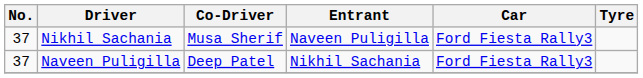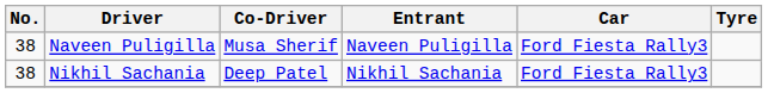 <table class="wikitable" style="font-size: 85%;">
 <tr>
 <th>No.</th>
 <th>Driver</th>
 <th>Co-Driver</th>
 <th>Entrant</th>
 <th>Car</th>
 <th>Tyre</th>
 </tr>
 <tr>
-<td align="center">37</td>
-<td> <a href='#'>Nikhil Sachania</a></td>
+<td align="center">38</td>
+<td> <a href='#'>Naveen Puligilla</a></td>
 <td> <a href='#'>Musa Sherif</a></td>
 <td> <a href='#'>Naveen Puligilla</a></td>
 <td><a href='#'>Ford Fiesta Rally3</a></td>
 <td align="center"></td>
 </tr>
 <tr>
-<td align="center">37</td>
-<td> <a href='#'>Naveen Puligilla</a></td>
+<td align="center">38</td>
+<td> <a href='#'>Nikhil Sachania</a></td>
 <td> <a href='#'>Deep Patel</a></td>
 <td> <a href='#'>Nikhil Sachania</a></td>
 <td><a href='#'>Ford Fiesta Rally3</a></td>
 <td align="center"></td>
 </tr>
 <tr>
 </tr>
 </table>
